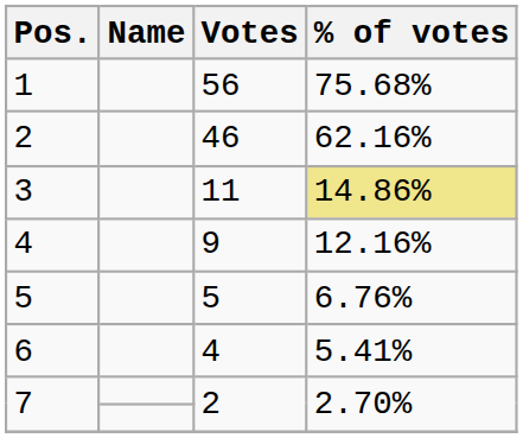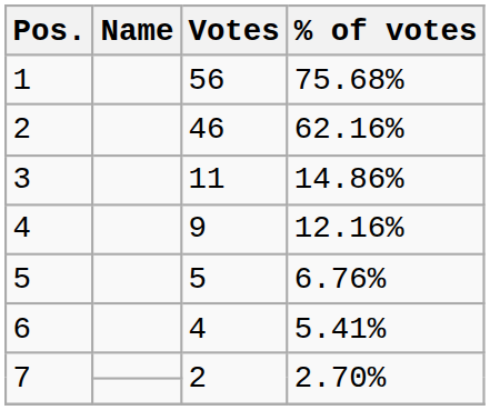 <table class="wikitable sortable">
 <tr>
 <th>Pos.</th>
 <th>Name</th>
 <th>Votes</th>
 <th>% of votes</th>
 </tr>
 <tr>
 <td>1</td>
 <td></td>
 <td>56</td>
 <td>75.68%</td>
 </tr>
 <tr>
 <td>2</td>
 <td></td>
 <td>46</td>
 <td>62.16%</td>
 </tr>
 <tr>
 <td>3</td>
 <td></td>
 <td>11</td>
-<td style="background: khaki;">14.86%</td>
+<td>14.86%</td>
 </tr>
 <tr>
 <td>4</td>
 <td></td>
 <td>9</td>
 <td>12.16%</td>
 </tr>
 <tr>
 <td>5</td>
 <td></td>
 <td>5</td>
 <td>6.76%</td>
 </tr>
 <tr>
 <td>6</td>
 <td></td>
 <td>4</td>
 <td>5.41%</td>
 </tr>
 <tr>
 <td rowspan="2">7</td>
 <td></td>
 <td rowspan="2">2</td>
 <td rowspan="2">2.70%</td>
 </tr>
 <tr>
 <td></td>
 </tr>
 <tr>
 </tr>
 </table>
